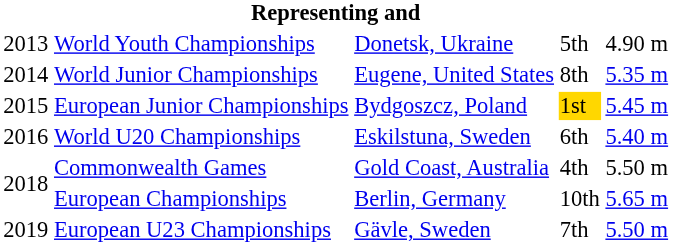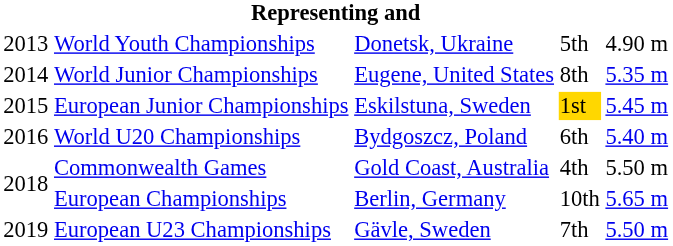 <table>
 <tr>
 <th colspan="5">Representing  and </th>
 </tr>
 <tr>
 <td>2013</td>
 <td><a href='#'>World Youth Championships</a></td>
 <td><a href='#'>Donetsk, Ukraine</a></td>
 <td>5th</td>
 <td>4.90 m</td>
 </tr>
 <tr>
 <td>2014</td>
 <td><a href='#'>World Junior Championships</a></td>
 <td><a href='#'>Eugene, United States</a></td>
 <td>8th</td>
 <td><a href='#'>5.35 m</a></td>
 </tr>
 <tr>
 <td>2015</td>
 <td><a href='#'>European Junior Championships</a></td>
-<td><a href='#'>Bydgoszcz, Poland</a></td>
+<td><a href='#'>Eskilstuna, Sweden</a></td>
 <td bgcolor=gold>1st</td>
 <td><a href='#'>5.45 m</a></td>
 </tr>
 <tr>
 <td>2016</td>
 <td><a href='#'>World U20 Championships</a></td>
-<td><a href='#'>Eskilstuna, Sweden</a></td>
+<td><a href='#'>Bydgoszcz, Poland</a></td>
 <td>6th</td>
 <td><a href='#'>5.40 m</a></td>
 </tr>
 <tr>
 <td rowspan=2>2018</td>
 <td><a href='#'>Commonwealth Games</a></td>
 <td><a href='#'>Gold Coast, Australia</a></td>
 <td>4th</td>
 <td>5.50 m</td>
 </tr>
 <tr>
 <td><a href='#'>European Championships</a></td>
 <td><a href='#'>Berlin, Germany</a></td>
 <td>10th</td>
 <td><a href='#'>5.65 m</a></td>
 </tr>
 <tr>
 <td>2019</td>
 <td><a href='#'>European U23 Championships</a></td>
 <td><a href='#'>Gävle, Sweden</a></td>
 <td>7th</td>
 <td><a href='#'>5.50 m</a></td>
 </tr>
 </table>
